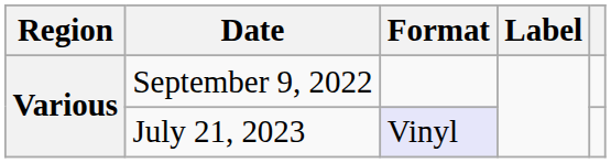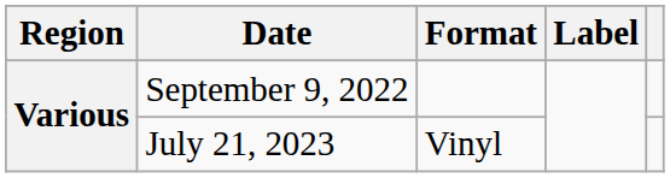 <table class="wikitable plainrowheaders">
 <tr>
 <th scope="col">Region</th>
 <th scope="col">Date</th>
 <th scope="col">Format</th>
 <th scope="col">Label</th>
 <th scope="col"></th>
 </tr>
 <tr>
 <th scope="row" rowspan="2">Various</th>
 <td>September 9, 2022</td>
 <td></td>
 <td rowspan="2"></td>
 <td></td>
 </tr>
 <tr>
 <td>July 21, 2023</td>
-<td style="background: lavender;">Vinyl</td>
+<td>Vinyl</td>
 <td></td>
 </tr>
 </table>
